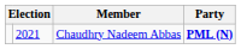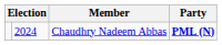 <table class="wikitable">
 <tr>
 <th colspan="2">Election</th>
 <th>Member</th>
 <th>Party</th>
 </tr>
 <tr>
 <td style="background-color: "></td>
-<td><a href='#'>2021</a></td>
+<td><a href='#'>2024</a></td>
 <td><a href='#'>Chaudhry Nadeem Abbas</a></td>
 <td><strong><a href='#'>PML (N)</a></strong></td>
 </tr>
 </table>
